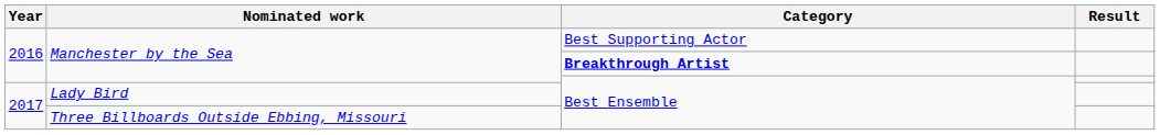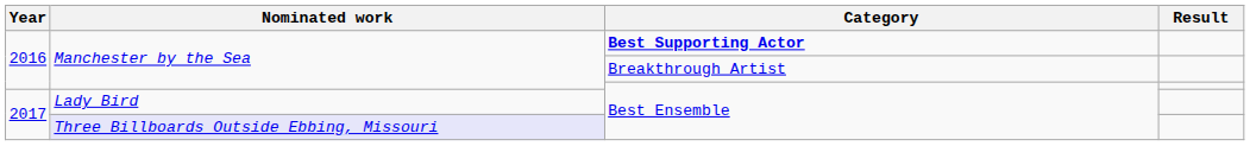 <table class="wikitable">
 <tr>
 <th scope="col" style="width:1em;">Year</th>
 <th scope="col" style="width:35em;">Nominated work</th>
 <th scope="col" style="width:35em;">Category</th>
 <th scope="col" style="width:5em;">Result</th>
 </tr>
 <tr>
 <td rowspan="3"><a href='#'>2016</a></td>
 <td rowspan="3"><em><a href='#'>Manchester by the Sea</a></em></td>
-<td><a href='#'>Best Supporting Actor</a></td>
+<td><strong><a href='#'>Best Supporting Actor</a></strong></td>
 <td></td>
 </tr>
 <tr>
-<td><strong><a href='#'>Breakthrough Artist</a></strong></td>
+<td><a href='#'>Breakthrough Artist</a></td>
 <td></td>
 </tr>
 <tr>
 <td rowspan="3"><a href='#'>Best Ensemble</a></td>
 <td></td>
 </tr>
 <tr>
 <td rowspan="2"><a href='#'>2017</a></td>
 <td><em><a href='#'>Lady Bird</a></em></td>
 <td></td>
 </tr>
 <tr>
-<td><em><a href='#'>Three Billboards Outside Ebbing, Missouri</a></em></td>
+<td style="background: lavender;"><em><a href='#'>Three Billboards Outside Ebbing, Missouri</a></em></td>
 <td></td>
 </tr>
 </table>
